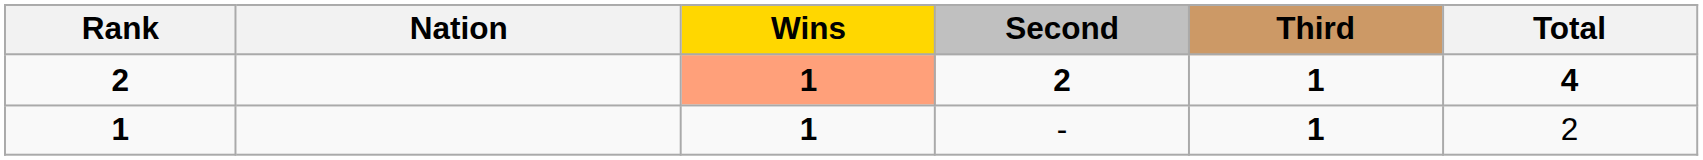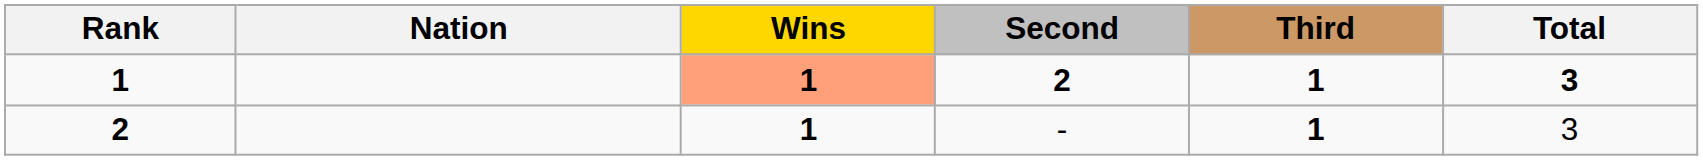 <table class="wikitable collapsible autocollapse plainrowheaders" width=68% style="text-align:center;">
 <tr style="background-color:#EDEDED;">
 <th width=100px class="hintergrundfarbe5">Rank</th>
 <th width=200px class="hintergrundfarbe6">Nation</th>
 <th style="background:    gold; width:15%">Wins</th>
 <th style="background:  silver; width:15%">Second</th>
 <th style="background: #CC9966; width:15%">Third</th>
 <th class="hintergrundfarbe6" style="width:15%">Total</th>
 </tr>
 <tr>
-<td><strong>2</strong></td>
+<td><strong>1</strong></td>
 <td style="text-align:left"></td>
 <td style="background: lightsalmon;"><strong>1</strong></td>
 <td><strong>2</strong></td>
 <td><strong>1</strong></td>
-<td><strong>4</strong></td>
+<td><strong>3</strong></td>
 </tr>
 <tr>
-<td><strong>1</strong></td>
+<td><strong>2</strong></td>
 <td style="text-align:left"></td>
 <td><strong>1</strong></td>
 <td>-</td>
 <td><strong>1</strong></td>
-<td>2</td>
+<td>3</td>
 </tr>
 </table>
